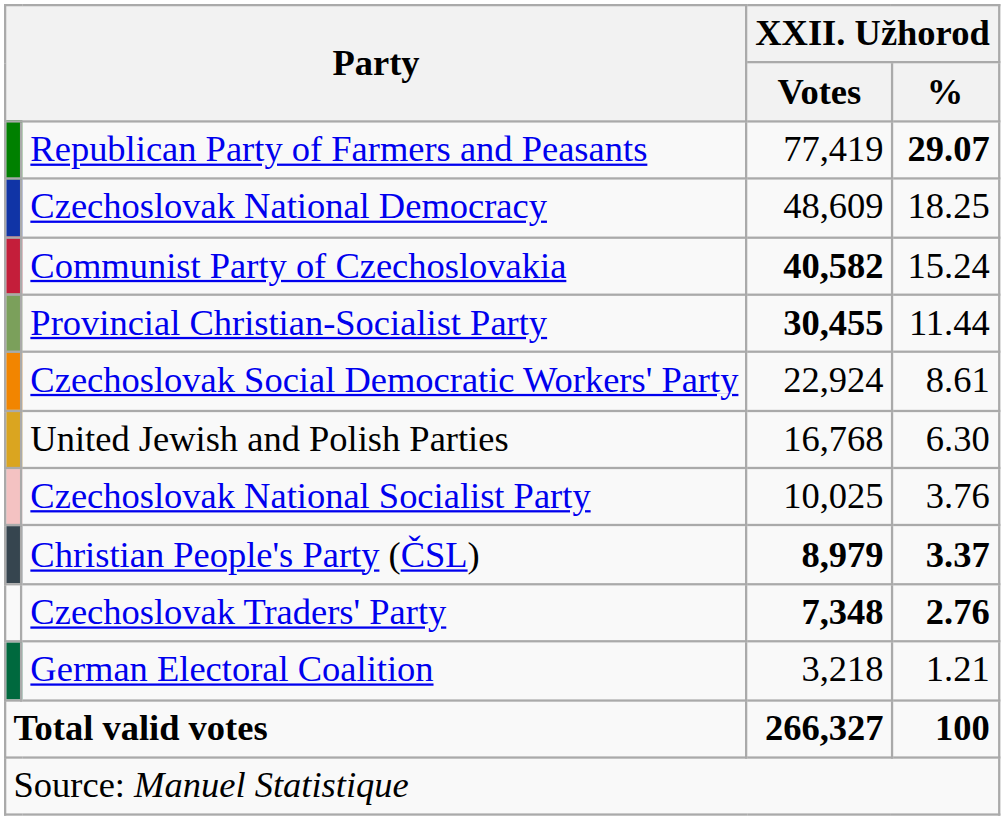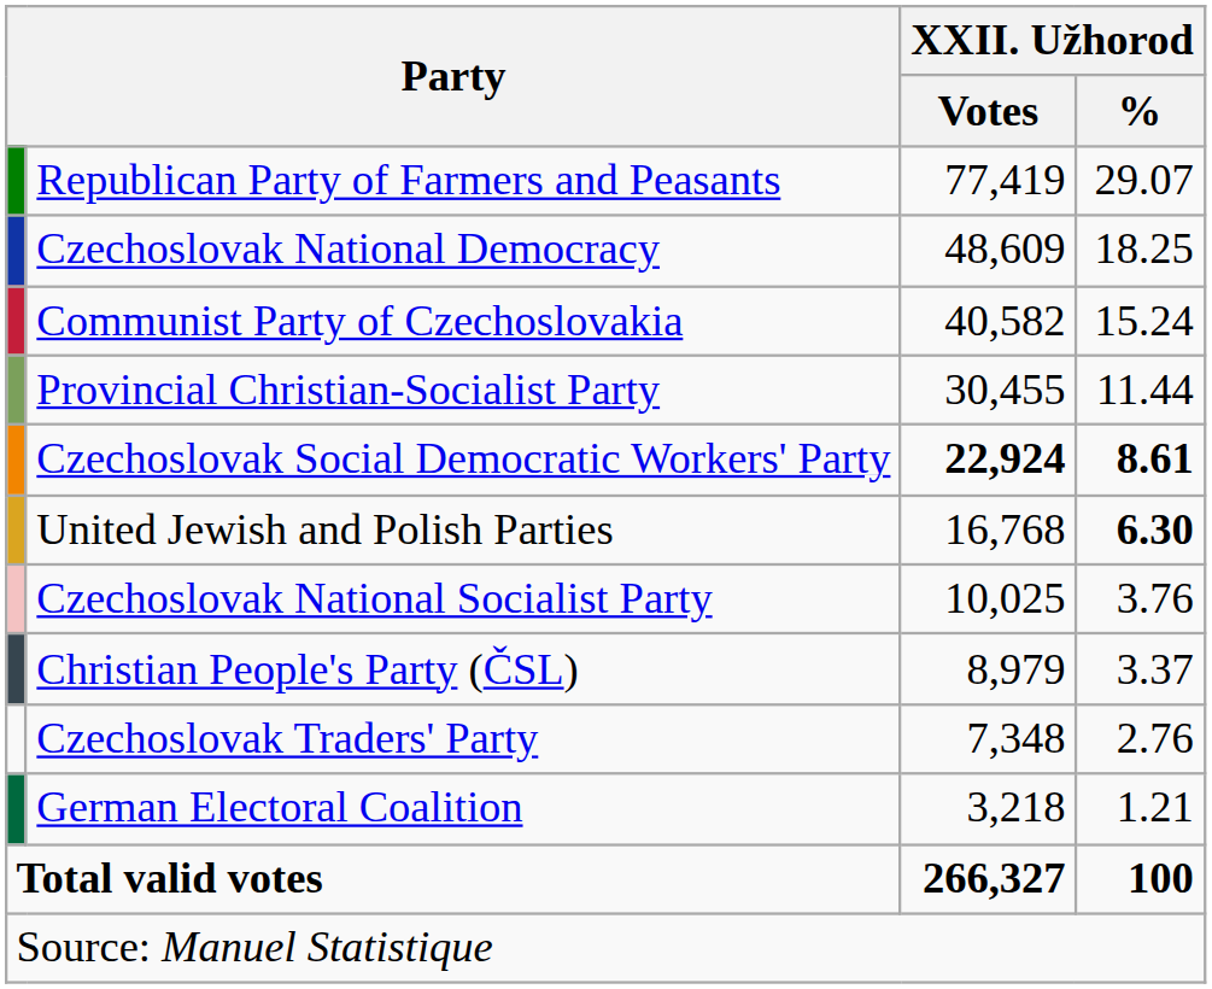 <table class=wikitable style=text-align:right>
 <tr>
 <th colspan=2 rowspan=2>Party</th>
 <th colspan=2>XXII. Užhorod</th>
 </tr>
 <tr>
 <th>Votes</th>
 <th>%</th>
 </tr>
 <tr>
 <td bgcolor=#008000></td>
 <td align=left><a href='#'>Republican Party of Farmers and Peasants</a></td>
 <td>77,419</td>
-<td><strong>29.07</strong></td>
+<td>29.07</td>
 </tr>
 <tr>
 <td bgcolor=#1034A6></td>
 <td align=left><a href='#'>Czechoslovak National Democracy</a></td>
 <td>48,609</td>
 <td>18.25</td>
 </tr>
 <tr>
 <td bgcolor=#C41E3A></td>
 <td align=left><a href='#'>Communist Party of Czechoslovakia</a></td>
-<td><strong>40,582</strong></td>
+<td>40,582</td>
 <td>15.24</td>
 </tr>
 <tr>
 <td bgcolor=#7BA05B></td>
 <td align=left><a href='#'>Provincial Christian-Socialist Party</a></td>
-<td><strong>30,455</strong></td>
+<td>30,455</td>
 <td>11.44</td>
 </tr>
 <tr>
 <td bgcolor=F28500></td>
 <td align=left><a href='#'>Czechoslovak Social Democratic Workers' Party</a></td>
-<td>22,924</td>
-<td>8.61</td>
+<td><strong>22,924</strong></td>
+<td><strong>8.61</strong></td>
 </tr>
 <tr>
 <td bgcolor=#DAA520></td>
 <td align=left>United Jewish and Polish Parties</td>
 <td>16,768</td>
-<td>6.30</td>
+<td><strong>6.30</strong></td>
 </tr>
 <tr>
 <td bgcolor=F4C2C2></td>
 <td align=left><a href='#'>Czechoslovak National Socialist Party</a></td>
 <td>10,025</td>
 <td>3.76</td>
 </tr>
 <tr>
 <td bgcolor=#36454F></td>
 <td align=left><a href='#'>Christian People's Party</a> (<a href='#'>ČSL</a>)</td>
-<td><strong>8,979</strong></td>
-<td><strong>3.37</strong></td>
+<td>8,979</td>
+<td>3.37</td>
 </tr>
 <tr>
 <td bgcolor=></td>
 <td align=left><a href='#'>Czechoslovak Traders' Party</a></td>
-<td><strong>7,348</strong></td>
-<td><strong>2.76</strong></td>
+<td>7,348</td>
+<td>2.76</td>
 </tr>
 <tr>
 <td bgcolor=#00693E></td>
 <td align=left><a href='#'>German Electoral Coalition</a></td>
 <td>3,218</td>
 <td>1.21</td>
 </tr>
 <tr>
 <td colspan=2 align=left><strong>Total valid votes</strong></td>
 <td><strong>266,327</strong></td>
 <td><strong>100</strong></td>
 </tr>
 <tr>
 <td align=left colspan=4>Source: <em>Manuel Statistique</em></td>
 </tr>
 </table>
